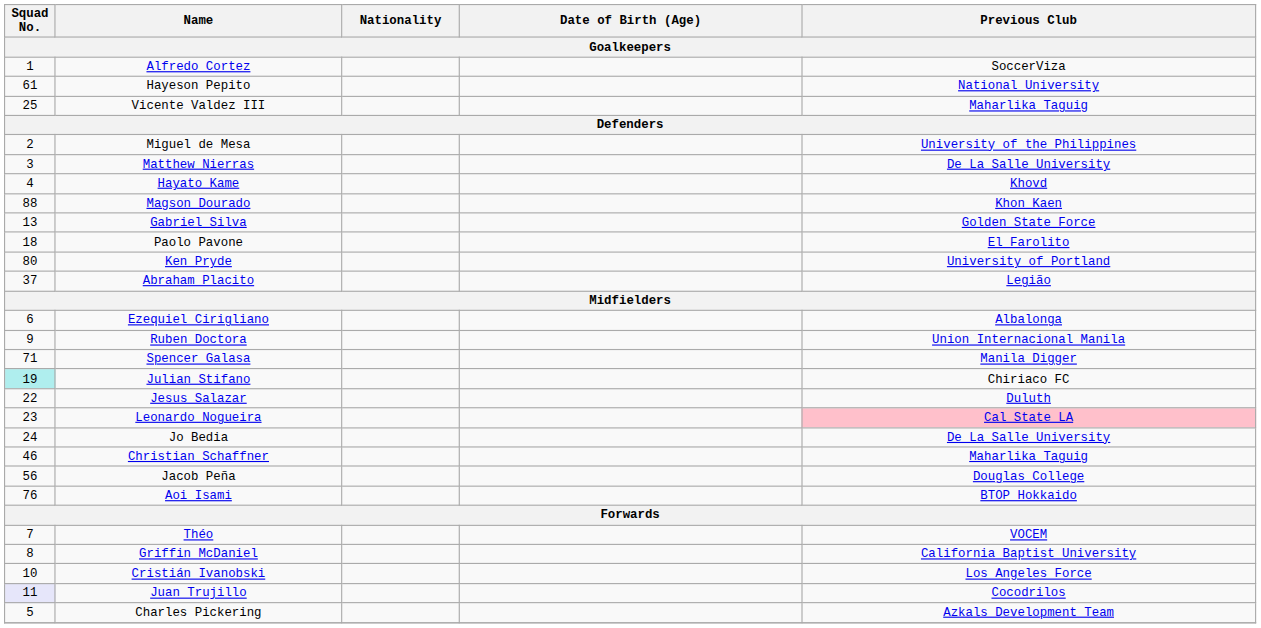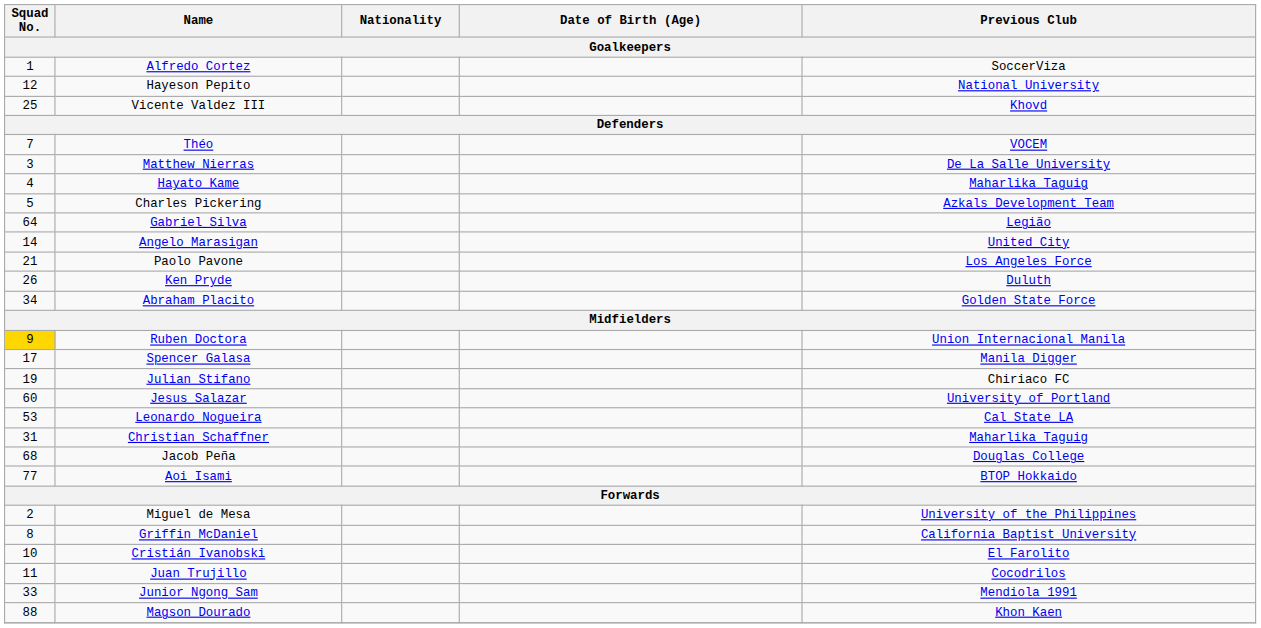 <table class="wikitable" style="text-align:center; font-size:85%;">
 <tr>
 <th style="width:40px;">Squad No.</th>
 <th style="width:250px;">Name</th>
 <th style="width:100px;">Nationality</th>
 <th style="width:300px;">Date of Birth (Age)</th>
 <th style="width:400px;">Previous Club</th>
 </tr>
 <tr>
 <th colspan=5>Goalkeepers</th>
 </tr>
 <tr>
 <td>1</td>
 <td><a href='#'>Alfredo Cortez</a></td>
 <td></td>
 <td></td>
 <td> SoccerViza</td>
 </tr>
 <tr>
-<td>61</td>
+<td>12</td>
 <td>Hayeson Pepito</td>
 <td></td>
 <td></td>
 <td> <a href='#'>National University</a></td>
 </tr>
 <tr>
 <td>25</td>
 <td>Vicente Valdez III</td>
 <td></td>
 <td></td>
-<td> <a href='#'>Maharlika Taguig</a></td>
+<td> <a href='#'>Khovd</a></td>
 </tr>
 <tr>
 <th colspan=5>Defenders</th>
 </tr>
 <tr>
-<td>2</td>
-<td>Miguel de Mesa</td>
+<td>7</td>
+<td><a href='#'>Théo</a></td>
 <td></td>
 <td></td>
-<td> <a href='#'>University of the Philippines</a></td>
+<td> <a href='#'>VOCEM</a></td>
 </tr>
 <tr>
 <td>3</td>
 <td><a href='#'>Matthew Nierras</a></td>
 <td> </td>
 <td></td>
 <td> <a href='#'>De La Salle University</a></td>
 </tr>
 <tr>
 <td>4</td>
 <td><a href='#'>Hayato Kame</a></td>
 <td></td>
 <td></td>
-<td> <a href='#'>Khovd</a></td>
+<td> <a href='#'>Maharlika Taguig</a></td>
 </tr>
 <tr>
-<td>88</td>
-<td><a href='#'>Magson Dourado</a></td>
+<td>5</td>
+<td>Charles Pickering</td>
+<td> </td>
 <td></td>
-<td></td>
-<td> <a href='#'>Khon Kaen</a></td>
+<td> <a href='#'>Azkals Development Team</a></td>
 </tr>
 <tr>
-<td>13</td>
+<td>64</td>
 <td><a href='#'>Gabriel Silva</a></td>
 <td> </td>
 <td></td>
-<td> <a href='#'>Golden State Force</a></td>
+<td> <a href='#'>Legião</a></td>
 </tr>
 <tr>
-<td>18</td>
+<td>14</td>
+<td><a href='#'>Angelo Marasigan</a></td>
+<td> </td>
+<td></td>
+<td> <a href='#'>United City</a></td>
+</tr>
+<tr>
+<td>21</td>
 <td>Paolo Pavone</td>
 <td> </td>
 <td></td>
-<td> <a href='#'>El Farolito</a></td>
+<td> <a href='#'>Los Angeles Force</a></td>
 </tr>
 <tr>
-<td>80</td>
+<td>26</td>
 <td><a href='#'>Ken Pryde</a></td>
 <td> </td>
 <td></td>
-<td> <a href='#'>University of Portland</a></td>
+<td> <a href='#'>Duluth</a></td>
 </tr>
 <tr>
-<td>37</td>
+<td>34</td>
 <td><a href='#'>Abraham Placito</a></td>
 <td></td>
 <td></td>
-<td> <a href='#'>Legião</a></td>
+<td> <a href='#'>Golden State Force</a></td>
 </tr>
 <tr>
 <th colspan=5>Midfielders</th>
 </tr>
 <tr>
-<td>6</td>
-<td><a href='#'>Ezequiel Cirigliano</a></td>
-<td> </td>
-<td></td>
-<td> <a href='#'>Albalonga</a></td>
-</tr>
-<tr>
-<td>9</td>
+<td style="background: gold;">9</td>
 <td><a href='#'>Ruben Doctora</a></td>
 <td></td>
 <td></td>
 <td> <a href='#'>Union Internacional Manila</a></td>
 </tr>
 <tr>
-<td>71</td>
+<td>17</td>
 <td><a href='#'>Spencer Galasa</a></td>
 <td></td>
 <td></td>
 <td> <a href='#'>Manila Digger</a></td>
 </tr>
 <tr>
-<td style="background: paleturquoise;">19</td>
+<td>19</td>
 <td><a href='#'>Julian Stifano</a></td>
 <td> </td>
 <td></td>
 <td> Chiriaco FC</td>
 </tr>
 <tr>
-<td>22</td>
+<td>60</td>
 <td><a href='#'>Jesus Salazar</a></td>
 <td></td>
 <td></td>
-<td> <a href='#'>Duluth</a></td>
+<td> <a href='#'>University of Portland</a></td>
 </tr>
 <tr>
-<td>23</td>
+<td>53</td>
 <td><a href='#'>Leonardo Nogueira</a></td>
 <td></td>
 <td></td>
-<td style="background: pink;"> <a href='#'>Cal State LA</a></td>
+<td> <a href='#'>Cal State LA</a></td>
 </tr>
 <tr>
-<td>24</td>
-<td>Jo Bedia</td>
-<td></td>
-<td></td>
-<td> <a href='#'>De La Salle University</a></td>
-</tr>
-<tr>
-<td>46</td>
+<td>31</td>
 <td><a href='#'>Christian Schaffner</a></td>
 <td> </td>
 <td></td>
 <td> <a href='#'>Maharlika Taguig</a></td>
 </tr>
 <tr>
-<td>56</td>
+<td>68</td>
 <td>Jacob Peña</td>
 <td></td>
 <td></td>
 <td> <a href='#'>Douglas College</a></td>
 </tr>
 <tr>
-<td>76</td>
+<td>77</td>
 <td><a href='#'>Aoi Isami</a></td>
 <td></td>
 <td></td>
 <td> <a href='#'>BTOP Hokkaido</a></td>
 </tr>
 <tr>
 <th colspan=5>Forwards</th>
 </tr>
 <tr>
-<td>7</td>
-<td><a href='#'>Théo</a></td>
+<td>2</td>
+<td>Miguel de Mesa</td>
 <td></td>
 <td></td>
-<td> <a href='#'>VOCEM</a></td>
+<td> <a href='#'>University of the Philippines</a></td>
 </tr>
 <tr>
 <td>8</td>
 <td><a href='#'>Griffin McDaniel</a></td>
 <td> </td>
 <td></td>
 <td> <a href='#'>California Baptist University</a></td>
 </tr>
 <tr>
 <td>10</td>
 <td><a href='#'>Cristián Ivanobski</a></td>
 <td> </td>
 <td></td>
-<td> <a href='#'>Los Angeles Force</a></td>
+<td> <a href='#'>El Farolito</a></td>
 </tr>
 <tr>
-<td style="background: lavender;">11</td>
+<td>11</td>
 <td><a href='#'>Juan Trujillo</a></td>
 <td></td>
 <td></td>
 <td> <a href='#'>Cocodrilos</a></td>
 </tr>
 <tr>
-<td>5</td>
-<td>Charles Pickering</td>
-<td> </td>
+<td>33</td>
+<td><a href='#'>Junior Ngong Sam</a></td>
 <td></td>
-<td> <a href='#'>Azkals Development Team</a></td>
+<td></td>
+<td> <a href='#'>Mendiola 1991</a></td>
+</tr>
+<tr>
+<td>88</td>
+<td><a href='#'>Magson Dourado</a></td>
+<td></td>
+<td></td>
+<td> <a href='#'>Khon Kaen</a></td>
 </tr>
 <tr>
 </tr>
 </table>
